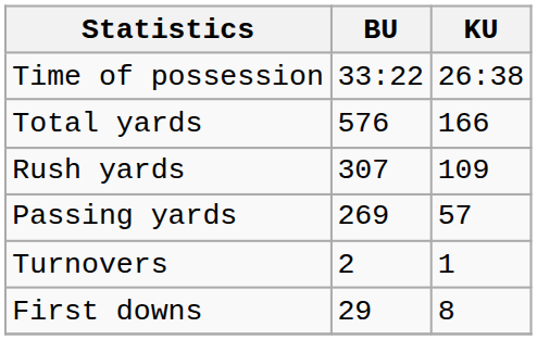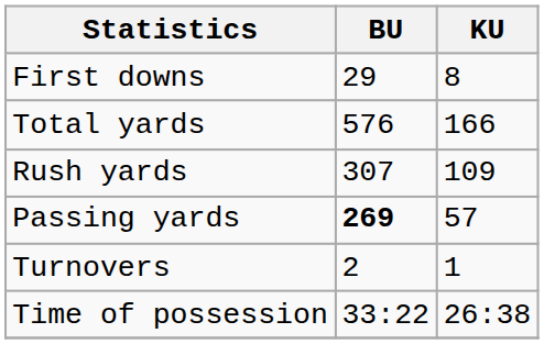 <table class="wikitable" style="float: left;">
 <tr>
 <th>Statistics</th>
 <th>BU</th>
 <th>KU</th>
 </tr>
 <tr>
-<td>Time of possession</td>
-<td>33:22</td>
-<td>26:38</td>
+<td>First downs</td>
+<td>29</td>
+<td>8</td>
 </tr>
 <tr>
 <td>Total yards</td>
 <td>576</td>
 <td>166</td>
 </tr>
 <tr>
 <td>Rush yards</td>
 <td>307</td>
 <td>109</td>
 </tr>
 <tr>
 <td>Passing yards</td>
-<td>269</td>
+<td><strong>269</strong></td>
 <td>57</td>
 </tr>
 <tr>
 <td>Turnovers</td>
 <td>2</td>
 <td>1</td>
 </tr>
 <tr>
-<td>First downs</td>
-<td>29</td>
-<td>8</td>
+<td>Time of possession</td>
+<td>33:22</td>
+<td>26:38</td>
 </tr>
 <tr>
 </tr>
 </table>
